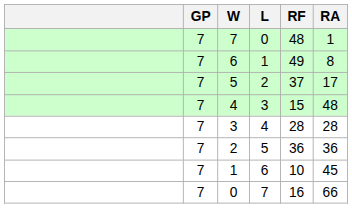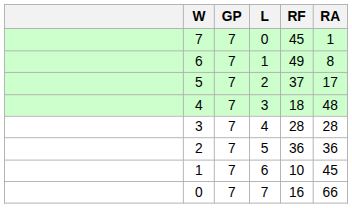 <table class="wikitable" width="400" style="text-align:center;">
 <tr>
 <th bgcolor="#efefef" width="150">　</th>
+<th bgcolor="#efefef" width="20">W</th>
 <th bgcolor="#efefef" width="20">GP</th>
-<th bgcolor="#efefef" width="20">W</th>
 <th bgcolor="#efefef" width="20">L</th>
 <th bgcolor="#efefef" width="20">RF</th>
 <th bgcolor="#efefef" width="20">RA</th>
 </tr>
 <tr align=center bgcolor="#ccffcc">
 <td align=left></td>
 <td>7</td>
 <td>7</td>
 <td>0</td>
-<td>48</td>
+<td>45</td>
 <td>1</td>
 </tr>
 <tr align=center bgcolor="#ccffcc">
 <td align=left></td>
+<td>6</td>
 <td>7</td>
-<td>6</td>
 <td>1</td>
 <td>49</td>
 <td>8</td>
 </tr>
 <tr align=center bgcolor="#ccffcc">
 <td align=left></td>
+<td>5</td>
 <td>7</td>
-<td>5</td>
 <td>2</td>
 <td>37</td>
 <td>17</td>
 </tr>
 <tr align=center bgcolor="#ccffcc">
 <td align=left></td>
+<td>4</td>
 <td>7</td>
-<td>4</td>
 <td>3</td>
-<td>15</td>
+<td>18</td>
 <td>48</td>
 </tr>
 <tr align=center bgcolor="#ffffff">
 <td align=left></td>
+<td>3</td>
 <td>7</td>
-<td>3</td>
 <td>4</td>
 <td>28</td>
 <td>28</td>
 </tr>
 <tr align=center bgcolor="#ffffff">
 <td align=left></td>
+<td>2</td>
 <td>7</td>
-<td>2</td>
 <td>5</td>
 <td>36</td>
 <td>36</td>
 </tr>
 <tr align=center bgcolor="#ffffff">
 <td align=left></td>
+<td>1</td>
 <td>7</td>
-<td>1</td>
 <td>6</td>
 <td>10</td>
 <td>45</td>
 </tr>
 <tr align=center bgcolor="#ffffff">
 <td align=left></td>
+<td>0</td>
 <td>7</td>
-<td>0</td>
 <td>7</td>
 <td>16</td>
 <td>66</td>
 </tr>
 </table>
